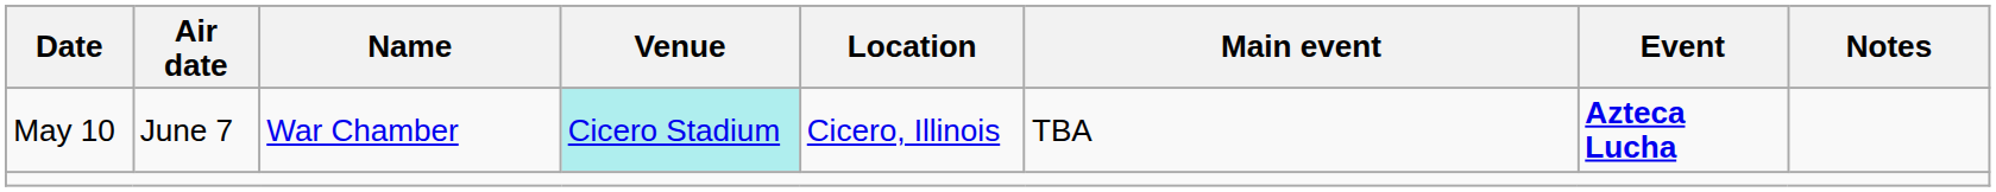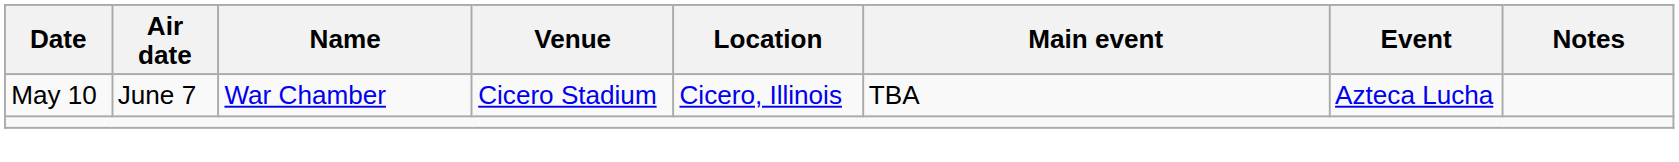 <table class="sortable wikitable succession-box" style="font-size:85%; font-size:85%">
 <tr>
 <th scope="col" width="70">Date</th>
 <th scope="col" width="70">Air date</th>
 <th scope="col" width="200">Name</th>
 <th scope="col" width="150">Venue</th>
 <th scope="col" width="130">Location</th>
 <th scope="col" width="450">Main event</th>
 <th scope="col" width="130">Event</th>
 <th scope="col" width="130">Notes</th>
 </tr>
 <tr>
 <td>May 10</td>
 <td>June 7</td>
 <td><a href='#'>War Chamber</a></td>
-<td style="background: paleturquoise;"><a href='#'>Cicero Stadium</a></td>
+<td><a href='#'>Cicero Stadium</a></td>
 <td><a href='#'>Cicero, Illinois</a></td>
 <td>TBA</td>
-<td><strong><a href='#'>Azteca Lucha</a></strong></td>
+<td><a href='#'>Azteca Lucha</a></td>
 </tr>
 <tr>
 <td colspan="8"></td>
 </tr>
 </table>
